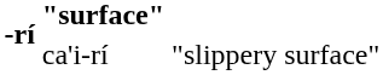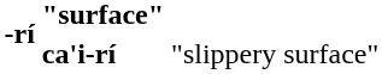 <table>
 <tr>
 <th rowspan="2">-rí</th>
 <th colspan="1">"surface"</th>
 </tr>
 <tr>
-<td>ca'i-rí</td>
+<td><strong>ca'i-rí</strong></td>
 <td colspan="3">"slippery surface"</td>
 </tr>
 </table>
